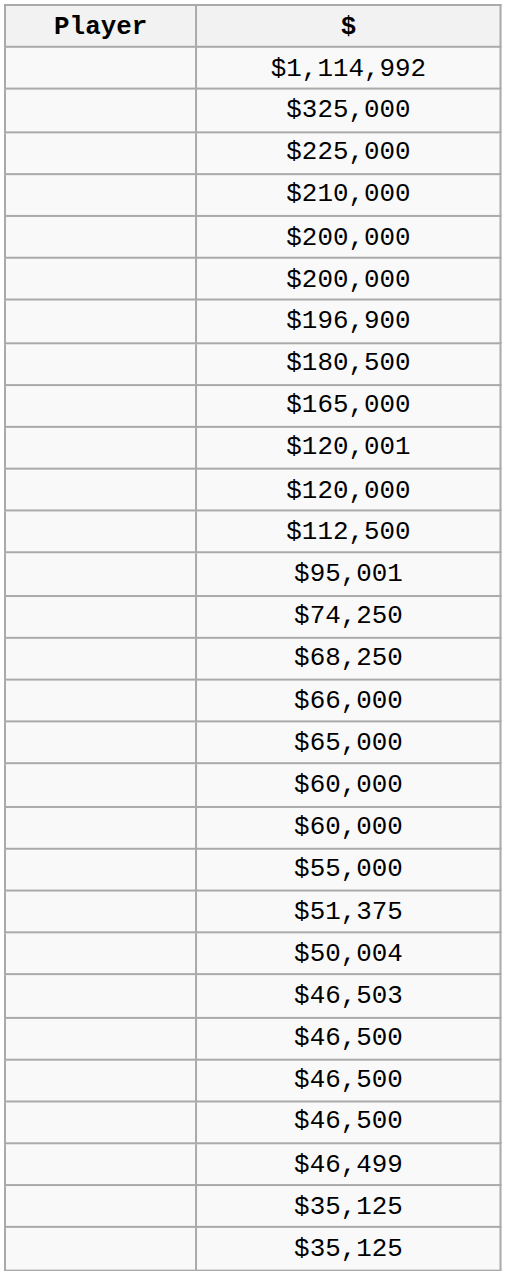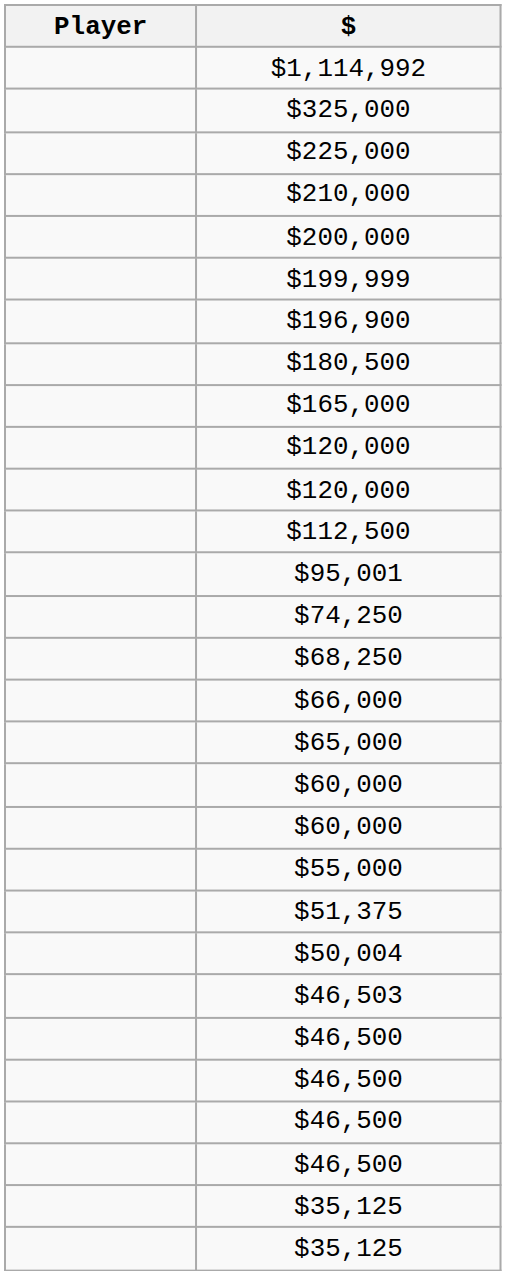 <table class="wikitable sortable" style="text-align:center; width:250px;">
 <tr>
 <th>Player</th>
 <th>$</th>
 </tr>
 <tr>
 <td style="text-align:left;"></td>
 <td>$1,114,992</td>
 </tr>
 <tr>
 <td style="text-align:left;"></td>
 <td>$325,000</td>
 </tr>
 <tr>
 <td style="text-align:left;"></td>
 <td>$225,000</td>
 </tr>
 <tr>
 <td style="text-align:left;"></td>
 <td>$210,000</td>
 </tr>
 <tr>
 <td style="text-align:left;"></td>
 <td>$200,000</td>
 </tr>
 <tr>
 <td style="text-align:left;"></td>
-<td>$200,000</td>
+<td>$199,999</td>
 </tr>
 <tr>
 <td style="text-align:left;"></td>
 <td>$196,900</td>
 </tr>
 <tr>
 <td style="text-align:left;"></td>
 <td>$180,500</td>
 </tr>
 <tr>
 <td style="text-align:left;"></td>
 <td>$165,000</td>
 </tr>
 <tr>
 <td style="text-align:left;"></td>
-<td>$120,001</td>
+<td>$120,000</td>
 </tr>
 <tr>
 <td style="text-align:left;"></td>
 <td>$120,000</td>
 </tr>
 <tr>
 <td style="text-align:left;"></td>
 <td>$112,500</td>
 </tr>
 <tr>
 <td style="text-align:left;"></td>
 <td>$95,001</td>
 </tr>
 <tr>
 <td style="text-align:left;"></td>
 <td>$74,250</td>
 </tr>
 <tr>
 <td style="text-align:left;"></td>
 <td>$68,250</td>
 </tr>
 <tr>
 <td style="text-align:left;"></td>
 <td>$66,000</td>
 </tr>
 <tr>
 <td style="text-align:left;"></td>
 <td>$65,000</td>
 </tr>
 <tr>
 <td style="text-align:left;"></td>
 <td>$60,000</td>
 </tr>
 <tr>
 <td style="text-align:left;"></td>
 <td>$60,000</td>
 </tr>
 <tr>
 <td style="text-align:left;"></td>
 <td>$55,000</td>
 </tr>
 <tr>
 <td style="text-align:left;"></td>
 <td>$51,375</td>
 </tr>
 <tr>
 <td style="text-align:left;"></td>
 <td>$50,004</td>
 </tr>
 <tr>
 <td style="text-align:left;"></td>
 <td>$46,503</td>
 </tr>
 <tr>
 <td style="text-align:left;"></td>
 <td>$46,500</td>
 </tr>
 <tr>
 <td style="text-align:left;"></td>
 <td>$46,500</td>
 </tr>
 <tr>
 <td style="text-align:left;"></td>
 <td>$46,500</td>
 </tr>
 <tr>
 <td style="text-align:left;"></td>
-<td>$46,499</td>
+<td>$46,500</td>
 </tr>
 <tr>
 <td style="text-align:left;"></td>
 <td>$35,125</td>
 </tr>
 <tr>
 <td style="text-align:left;"></td>
 <td>$35,125</td>
 </tr>
 </table>
